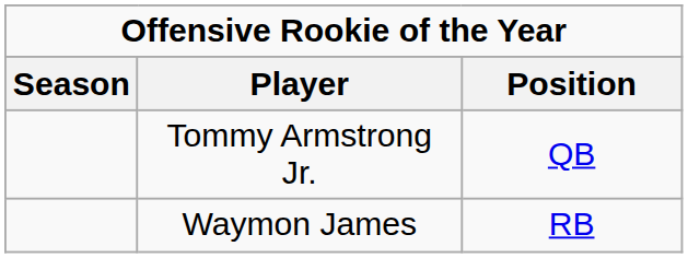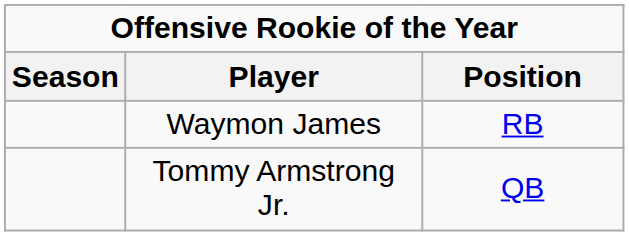 <table class="wikitable sortable" style="text-align:center">
 <tr>
 <td colspan="3"><strong>Offensive Rookie of the Year</strong></td>
 </tr>
 <tr>
 <th style="width:50px; ">Season</th>
 <th style="width:150px; ">Player</th>
 <th style="width:100px; ">Position</th>
 </tr>
 <tr>
 <td></td>
+<td>Waymon James</td>
+<td><a href='#'>RB</a></td>
+</tr>
+<tr>
+<td></td>
 <td>Tommy Armstrong Jr.</td>
 <td><a href='#'>QB</a></td>
 </tr>
-<tr>
-<td></td>
-<td>Waymon James</td>
-<td><a href='#'>RB</a></td>
-</tr>
 </table>
